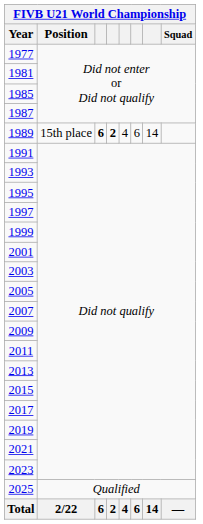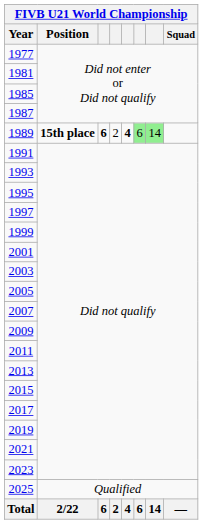 <table class="wikitable" style="text-align: center;">
 <tr>
 <th colspan=9><a href='#'>FIVB U21 World Championship</a></th>
 </tr>
 <tr>
 <th>Year</th>
 <th>Position</th>
 <th></th>
 <th></th>
 <th></th>
 <th></th>
 <th></th>
 <th><small>Squad</small></th>
 </tr>
 <tr>
 <td> <a href='#'>1977</a></td>
 <td rowspan=4 colspan=7><em>Did not enter</em><br>or<br><em>Did not qualify</em></td>
 </tr>
 <tr>
 <td> <a href='#'>1981</a></td>
 </tr>
 <tr>
 <td> <a href='#'>1985</a></td>
 </tr>
 <tr>
 <td> <a href='#'>1987</a></td>
 </tr>
 <tr>
 <td> <a href='#'>1989</a></td>
-<td>15th place</td>
+<td><strong>15th place</strong></td>
 <td><strong>6</strong></td>
-<td><strong>2</strong></td>
-<td>4</td>
-<td>6</td>
-<td>14</td>
+<td>2</td>
+<td><strong>4</strong></td>
+<td style="background: lightgreen;">6</td>
+<td style="background: lightgreen;">14</td>
 <td></td>
 </tr>
 <tr>
 <td> <a href='#'>1991</a></td>
 <td rowspan=17 colspan=7><em>Did not qualify</em></td>
 </tr>
 <tr>
 <td> <a href='#'>1993</a></td>
 </tr>
 <tr>
 <td> <a href='#'>1995</a></td>
 </tr>
 <tr>
 <td> <a href='#'>1997</a></td>
 </tr>
 <tr>
 <td> <a href='#'>1999</a></td>
 </tr>
 <tr>
 <td> <a href='#'>2001</a></td>
 </tr>
 <tr>
 <td> <a href='#'>2003</a></td>
 </tr>
 <tr>
 <td> <a href='#'>2005</a></td>
 </tr>
 <tr>
 <td> <a href='#'>2007</a></td>
 </tr>
 <tr>
 <td> <a href='#'>2009</a></td>
 </tr>
 <tr>
 <td> <a href='#'>2011</a></td>
 </tr>
 <tr>
 <td> <a href='#'>2013</a></td>
 </tr>
 <tr>
 <td> <a href='#'>2015</a></td>
 </tr>
 <tr>
 <td> <a href='#'>2017</a></td>
 </tr>
 <tr>
 <td> <a href='#'>2019</a></td>
 </tr>
 <tr>
 <td>  <a href='#'>2021</a></td>
 </tr>
 <tr>
 <td> <a href='#'>2023</a></td>
 </tr>
 <tr>
 <td> <a href='#'>2025</a></td>
 <td colspan=7><em>Qualified</em></td>
 </tr>
 <tr>
 <th>Total</th>
 <th>2/22</th>
 <th>6</th>
 <th>2</th>
 <th>4</th>
 <th>6</th>
 <th>14</th>
 <th>—</th>
 </tr>
 </table>
